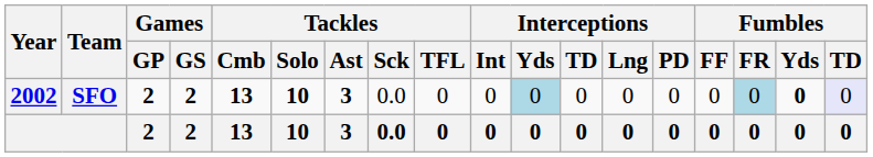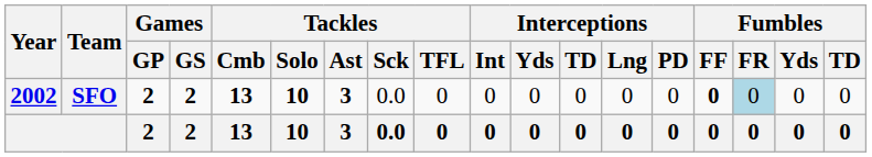 <table class="wikitable" style="text-align:center">
 <tr>
 <th rowspan="2">Year</th>
 <th rowspan="2">Team</th>
 <th colspan="2">Games</th>
 <th colspan="5">Tackles</th>
 <th colspan="5">Interceptions</th>
 <th colspan="4">Fumbles</th>
 </tr>
 <tr>
 <th>GP</th>
 <th>GS</th>
 <th>Cmb</th>
 <th>Solo</th>
 <th>Ast</th>
 <th>Sck</th>
 <th>TFL</th>
 <th>Int</th>
 <th>Yds</th>
 <th>TD</th>
 <th>Lng</th>
 <th>PD</th>
 <th>FF</th>
 <th>FR</th>
 <th>Yds</th>
 <th>TD</th>
 </tr>
 <tr>
 <th><a href='#'>2002</a></th>
 <th><a href='#'>SFO</a></th>
 <td><strong>2</strong></td>
 <td><strong>2</strong></td>
 <td><strong>13</strong></td>
 <td><strong>10</strong></td>
 <td><strong>3</strong></td>
 <td>0.0</td>
 <td>0</td>
 <td>0</td>
-<td style="background: lightblue;">0</td>
 <td>0</td>
 <td>0</td>
 <td>0</td>
 <td>0</td>
+<td><strong>0</strong></td>
 <td style="background: lightblue;">0</td>
-<td><strong>0</strong></td>
-<td style="background: lavender;">0</td>
+<td>0</td>
+<td>0</td>
 </tr>
 <tr>
 <th colspan="2"></th>
 <th>2</th>
 <th>2</th>
 <th>13</th>
 <th>10</th>
 <th>3</th>
 <th>0.0</th>
 <th>0</th>
 <th>0</th>
 <th>0</th>
 <th>0</th>
 <th>0</th>
 <th>0</th>
 <th>0</th>
 <th>0</th>
 <th>0</th>
 <th>0</th>
 </tr>
 </table>
